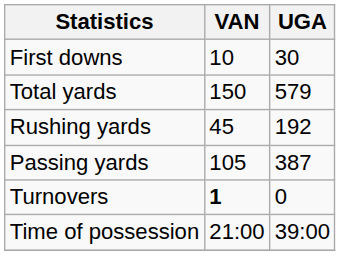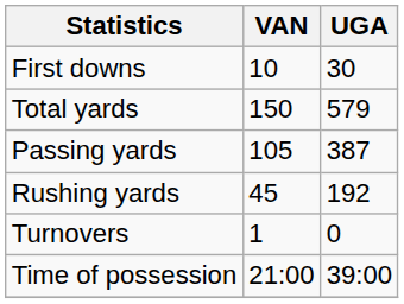 <table class="wikitable">
 <tr>
 <th>Statistics</th>
 <th>VAN</th>
 <th>UGA</th>
 </tr>
 <tr>
 <td>First downs</td>
 <td>10</td>
 <td>30</td>
 </tr>
 <tr>
 <td>Total yards</td>
 <td>150</td>
 <td>579</td>
 </tr>
 <tr>
+<td>Passing yards</td>
+<td>105</td>
+<td>387</td>
+</tr>
+<tr>
 <td>Rushing yards</td>
 <td>45</td>
 <td>192</td>
 </tr>
 <tr>
-<td>Passing yards</td>
-<td>105</td>
-<td>387</td>
-</tr>
-<tr>
 <td>Turnovers</td>
-<td><strong>1</strong></td>
+<td>1</td>
 <td>0</td>
 </tr>
 <tr>
 <td>Time of possession</td>
 <td>21:00</td>
 <td>39:00</td>
 </tr>
 <tr>
 </tr>
 </table>
